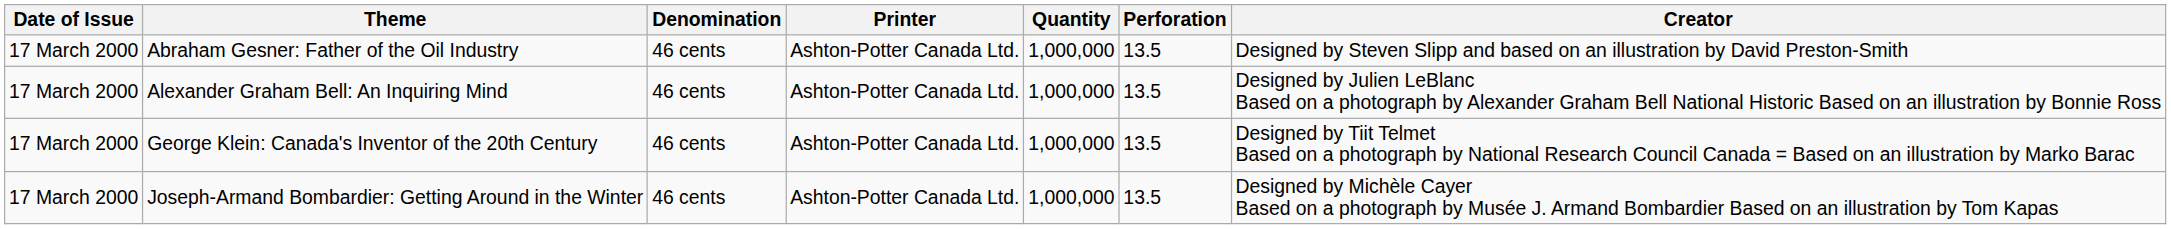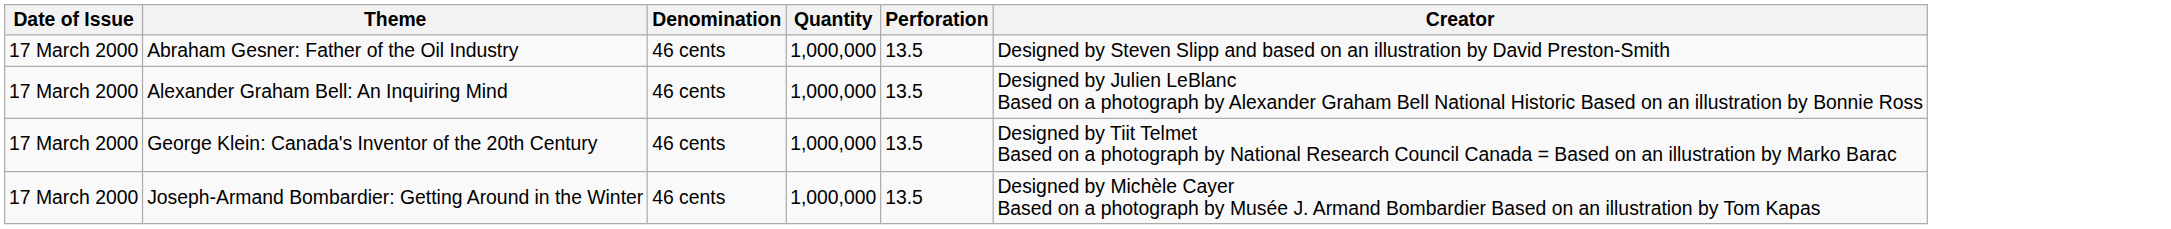 <table class="wikitable sortable">
 <tr>
 <th>Date of Issue</th>
 <th>Theme</th>
 <th>Denomination</th>
-<th>Printer</th>
 <th>Quantity</th>
 <th>Perforation</th>
 <th>Creator</th>
 </tr>
 <tr>
 <td>17 March 2000</td>
 <td>Abraham Gesner: Father of the Oil Industry </td>
 <td>46 cents</td>
-<td>Ashton-Potter Canada Ltd.</td>
 <td>1,000,000</td>
 <td>13.5</td>
 <td>Designed by Steven Slipp and based on an illustration by David Preston-Smith</td>
 </tr>
 <tr>
 <td>17 March 2000</td>
 <td>Alexander Graham Bell: An Inquiring Mind </td>
 <td>46 cents</td>
-<td>Ashton-Potter Canada Ltd.</td>
 <td>1,000,000</td>
 <td>13.5</td>
 <td>Designed by Julien LeBlanc<br>Based on a photograph by Alexander Graham Bell National Historic Based on an illustration by Bonnie Ross</td>
 </tr>
 <tr>
 <td>17 March 2000</td>
 <td>George Klein: Canada's Inventor of the 20th Century </td>
 <td>46 cents</td>
-<td>Ashton-Potter Canada Ltd.</td>
 <td>1,000,000</td>
 <td>13.5</td>
 <td>Designed by Tiit Telmet<br>Based on a photograph by National Research Council Canada = Based on an illustration by Marko Barac</td>
 </tr>
 <tr>
 <td>17 March 2000</td>
 <td>Joseph-Armand Bombardier: Getting Around in the Winter </td>
 <td>46 cents</td>
-<td>Ashton-Potter Canada Ltd.</td>
 <td>1,000,000</td>
 <td>13.5</td>
 <td>Designed by Michèle Cayer<br>Based on a photograph by Musée J. Armand Bombardier Based on an illustration by Tom Kapas</td>
 </tr>
 </table>
